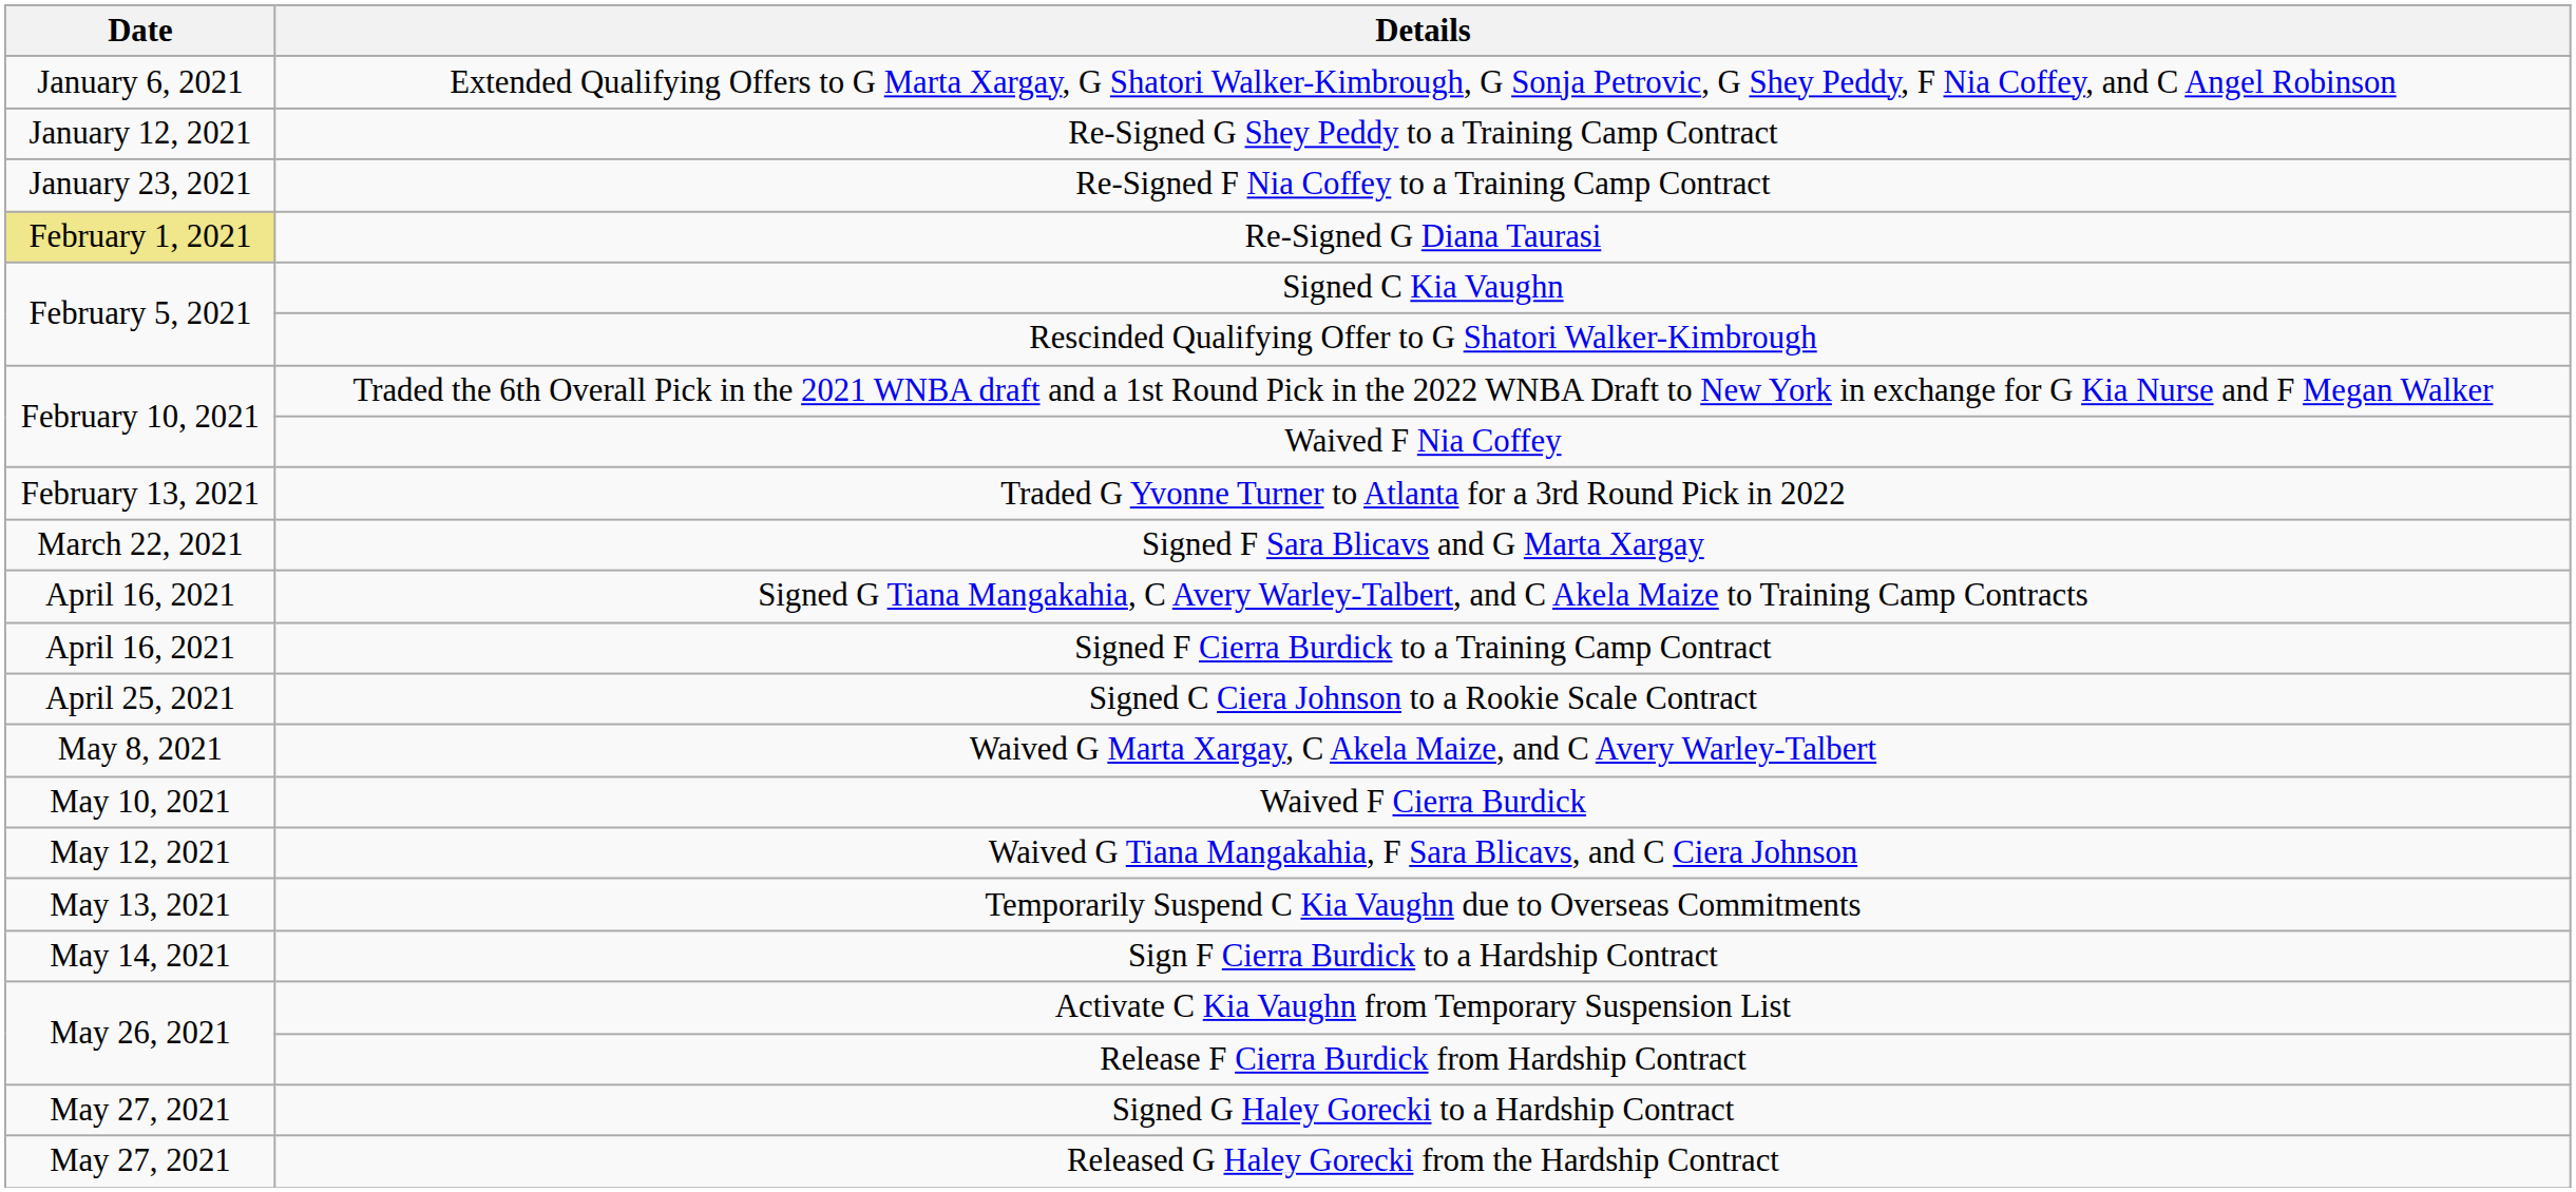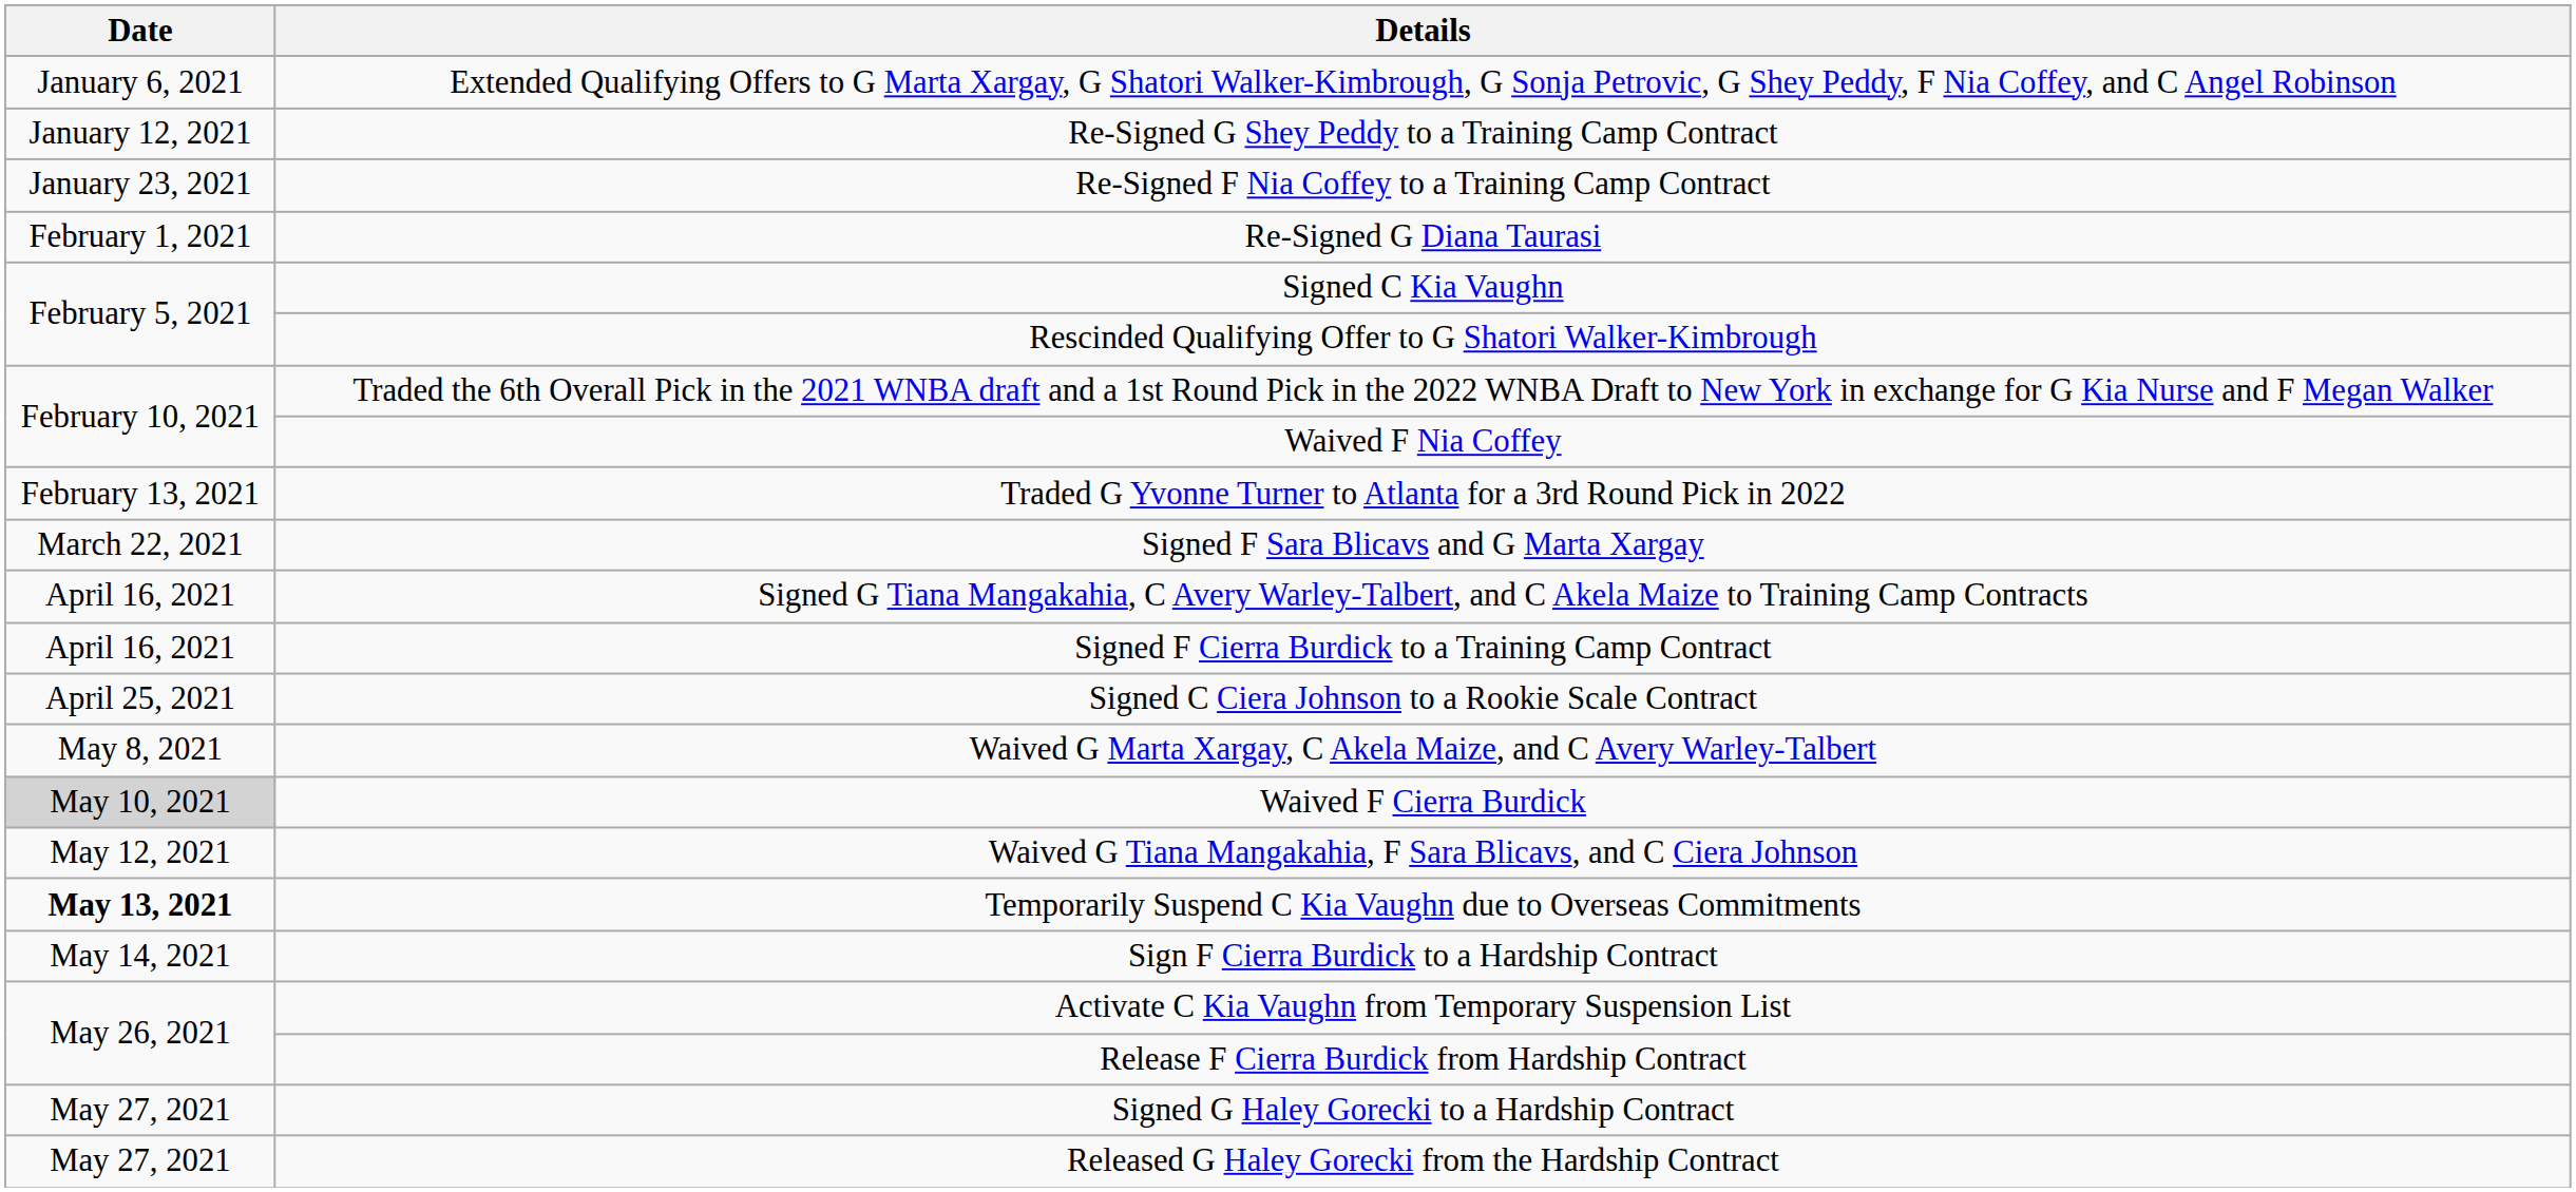 <table class="wikitable" style="width:80%; text-align: center;">
 <tr>
 <th>Date</th>
 <th>Details</th>
 </tr>
 <tr>
 <td>January 6, 2021</td>
 <td>Extended Qualifying Offers to G <a href='#'>Marta Xargay</a>, G <a href='#'>Shatori Walker-Kimbrough</a>, G <a href='#'>Sonja Petrovic</a>, G <a href='#'>Shey Peddy</a>, F <a href='#'>Nia Coffey</a>, and C <a href='#'>Angel Robinson</a></td>
 </tr>
 <tr>
 <td>January 12, 2021</td>
 <td>Re-Signed G <a href='#'>Shey Peddy</a> to a Training Camp Contract</td>
 </tr>
 <tr>
 <td>January 23, 2021</td>
 <td>Re-Signed F <a href='#'>Nia Coffey</a> to a Training Camp Contract</td>
 </tr>
 <tr>
-<td style="background: khaki;">February 1, 2021</td>
+<td>February 1, 2021</td>
 <td>Re-Signed G <a href='#'>Diana Taurasi</a></td>
 </tr>
 <tr>
 <td rowspan=2>February 5, 2021</td>
 <td>Signed C <a href='#'>Kia Vaughn</a></td>
 </tr>
 <tr>
 <td>Rescinded Qualifying Offer to G <a href='#'>Shatori Walker-Kimbrough</a></td>
 </tr>
 <tr>
 <td rowspan=2>February 10, 2021</td>
 <td>Traded the 6th Overall Pick in the <a href='#'>2021 WNBA draft</a> and a 1st Round Pick in the 2022 WNBA Draft to <a href='#'>New York</a> in exchange for G <a href='#'>Kia Nurse</a> and F <a href='#'>Megan Walker</a></td>
 </tr>
 <tr>
 <td>Waived F <a href='#'>Nia Coffey</a></td>
 </tr>
 <tr>
 <td>February 13, 2021</td>
 <td>Traded G <a href='#'>Yvonne Turner</a> to <a href='#'>Atlanta</a> for a 3rd Round Pick in 2022</td>
 </tr>
 <tr>
 <td>March 22, 2021</td>
 <td>Signed F <a href='#'>Sara Blicavs</a> and G <a href='#'>Marta Xargay</a></td>
 </tr>
 <tr>
 <td>April 16, 2021</td>
 <td>Signed G <a href='#'>Tiana Mangakahia</a>, C <a href='#'>Avery Warley-Talbert</a>, and C <a href='#'>Akela Maize</a> to Training Camp Contracts</td>
 </tr>
 <tr>
 <td>April 16, 2021</td>
 <td>Signed F <a href='#'>Cierra Burdick</a> to a Training Camp Contract</td>
 </tr>
 <tr>
 <td>April 25, 2021</td>
 <td>Signed C <a href='#'>Ciera Johnson</a> to a Rookie Scale Contract</td>
 </tr>
 <tr>
 <td>May 8, 2021</td>
 <td>Waived G <a href='#'>Marta Xargay</a>, C <a href='#'>Akela Maize</a>, and C <a href='#'>Avery Warley-Talbert</a></td>
 </tr>
 <tr>
-<td>May 10, 2021</td>
+<td style="background: lightgrey;">May 10, 2021</td>
 <td>Waived F <a href='#'>Cierra Burdick</a></td>
 </tr>
 <tr>
 <td>May 12, 2021</td>
 <td>Waived G <a href='#'>Tiana Mangakahia</a>, F <a href='#'>Sara Blicavs</a>, and C <a href='#'>Ciera Johnson</a></td>
 </tr>
 <tr>
-<td>May 13, 2021</td>
+<td><strong>May 13, 2021</strong></td>
 <td>Temporarily Suspend C <a href='#'>Kia Vaughn</a> due to Overseas Commitments</td>
 </tr>
 <tr>
 <td>May 14, 2021</td>
 <td>Sign F <a href='#'>Cierra Burdick</a> to a Hardship Contract</td>
 </tr>
 <tr>
 <td rowspan=2>May 26, 2021</td>
 <td>Activate C <a href='#'>Kia Vaughn</a> from Temporary Suspension List</td>
 </tr>
 <tr>
 <td>Release F <a href='#'>Cierra Burdick</a> from Hardship Contract</td>
 </tr>
 <tr>
 <td>May 27, 2021</td>
 <td>Signed G <a href='#'>Haley Gorecki</a> to a Hardship Contract</td>
 </tr>
 <tr>
 <td>May 27, 2021</td>
 <td>Released G <a href='#'>Haley Gorecki</a> from the Hardship Contract</td>
 </tr>
 </table>
